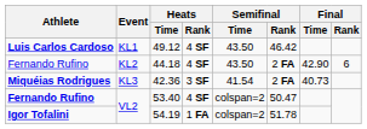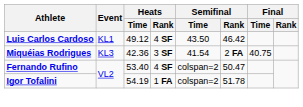 <table class="wikitable" style="font-size:90%">
 <tr>
 <th rowspan="2">Athlete</th>
 <th rowspan="2">Event</th>
 <th colspan="2">Heats</th>
 <th colspan="2">Semifinal</th>
 <th colspan="2">Final</th>
 </tr>
 <tr style="font-size:95%">
 <th>Time</th>
 <th>Rank</th>
 <th>Time</th>
 <th>Rank</th>
 <th>Time</th>
 <th>Rank</th>
 </tr>
 <tr align=center>
 <td align=left><strong><a href='#'>Luis Carlos Cardoso</a></strong></td>
 <td align=left><a href='#'>KL1</a></td>
 <td>49.12</td>
 <td>4 <strong>SF</strong></td>
 <td>43.50</td>
 <td>46.42</td>
 <td></td>
 </tr>
 <tr align=center>
-<td align=left><a href='#'>Fernando Rufino</a></td>
-<td align=left><a href='#'>KL2</a></td>
-<td>44.18</td>
-<td>4 <strong>SF</strong></td>
-<td>43.50</td>
-<td>2 <strong>FA</strong></td>
-<td>42.90</td>
-<td>6</td>
-</tr>
-<tr align=center>
 <td align=left><strong><a href='#'>Miquéias Rodrigues</a></strong></td>
 <td align=left><a href='#'>KL3</a></td>
 <td>42.36</td>
 <td>3 <strong>SF</strong></td>
 <td>41.54</td>
 <td>2 <strong>FA</strong></td>
-<td>40.73</td>
+<td>40.75</td>
 <td></td>
 </tr>
 <tr align=center>
 <td align=left><strong><a href='#'>Fernando Rufino</a></strong></td>
 <td align=left rowspan=2><a href='#'>VL2</a></td>
 <td>53.40</td>
 <td>4 <strong>SF</strong></td>
 <td>colspan=2 </td>
 <td>50.47</td>
 <td></td>
 </tr>
 <tr align=center>
 <td align=left><strong><a href='#'>Igor Tofalini</a></strong></td>
 <td>54.19</td>
 <td>1 <strong>FA</strong></td>
 <td>colspan=2 </td>
 <td>51.78</td>
 <td></td>
 </tr>
 </table>
